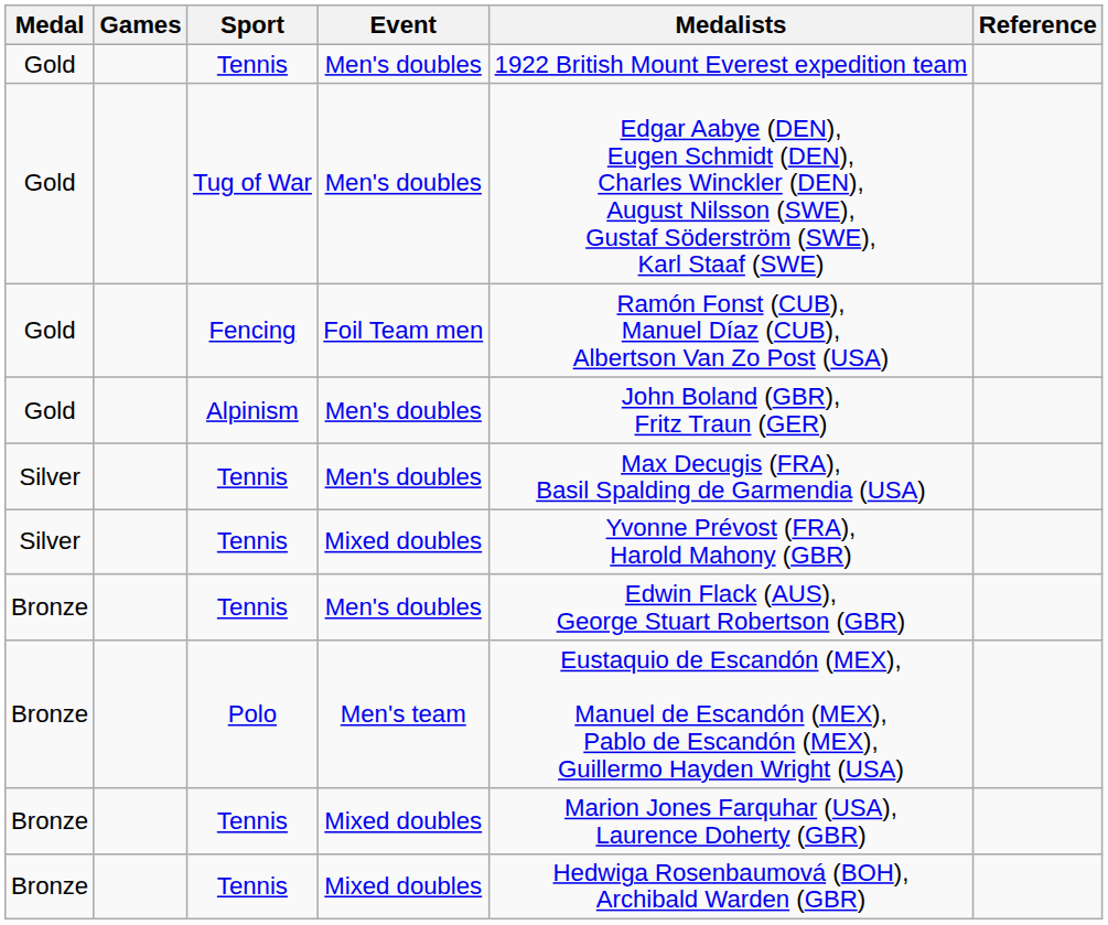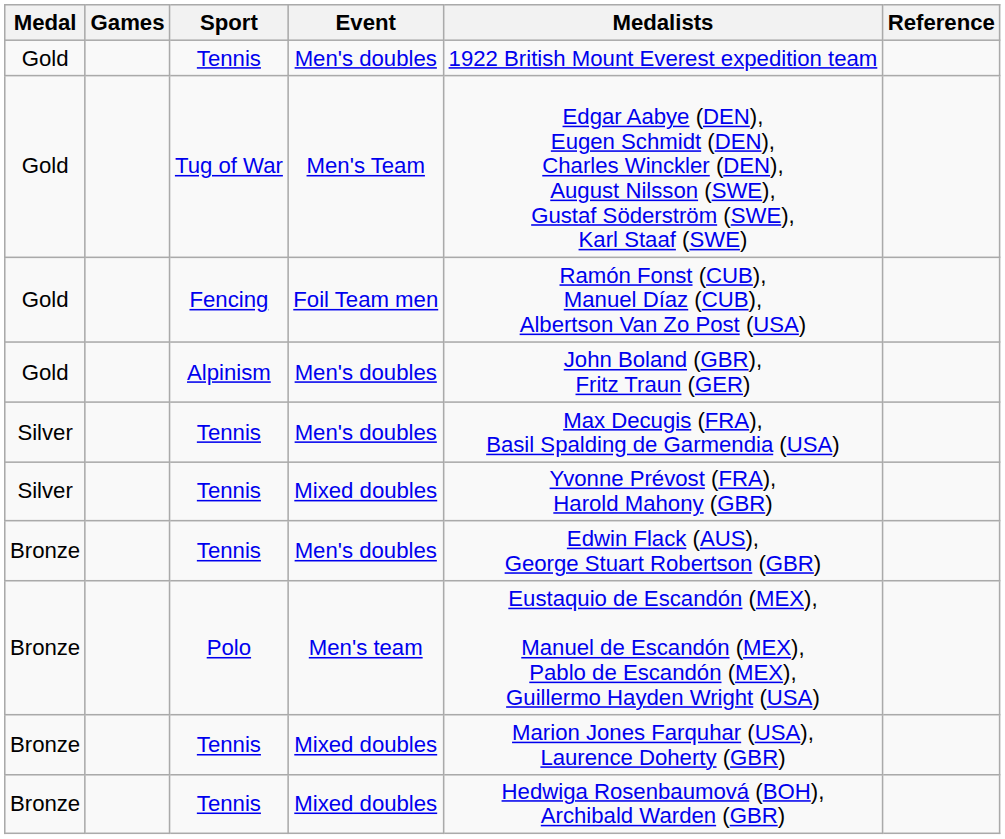 <table class="wikitable" style="text-align:center; font-size:90%;">
 <tr>
 <th>Medal</th>
 <th>Games</th>
 <th>Sport</th>
 <th>Event</th>
 <th>Medalists</th>
 <th>Reference</th>
 </tr>
 <tr>
 <td> Gold</td>
 <td></td>
 <td><a href='#'>Tennis</a></td>
 <td><a href='#'>Men's doubles</a></td>
 <td><a href='#'>1922 British Mount Everest expedition team</a></td>
 <td></td>
 </tr>
 <tr>
 <td> Gold</td>
 <td></td>
 <td><a href='#'>Tug of War</a></td>
-<td><a href='#'>Men's doubles</a></td>
+<td><a href='#'>Men's Team</a></td>
 <td><br><a href='#'>Edgar Aabye</a> (<a href='#'>DEN</a>), <br>  <a href='#'>Eugen Schmidt</a> (<a href='#'>DEN</a>), <br>  <a href='#'>Charles Winckler</a> (<a href='#'>DEN</a>), <br>  <a href='#'>August Nilsson</a> (<a href='#'>SWE</a>), <br>  <a href='#'>Gustaf Söderström</a> (<a href='#'>SWE</a>), <br>  <a href='#'>Karl Staaf</a> (<a href='#'>SWE</a>)</td>
 <td></td>
 </tr>
 <tr>
 <td> Gold</td>
 <td></td>
 <td><a href='#'>Fencing</a></td>
 <td><a href='#'>Foil Team men</a></td>
 <td><a href='#'>Ramón Fonst</a> (<a href='#'>CUB</a>), <br>  <a href='#'>Manuel Díaz</a> (<a href='#'>CUB</a>), <br>  <a href='#'>Albertson Van Zo Post</a> (<a href='#'>USA</a>)</td>
 <td></td>
 </tr>
 <tr>
 <td> Gold</td>
 <td></td>
 <td><a href='#'>Alpinism</a></td>
 <td><a href='#'>Men's doubles</a></td>
 <td><a href='#'>John Boland</a> (<a href='#'>GBR</a>), <br> <a href='#'>Fritz Traun</a> (<a href='#'>GER</a>)</td>
 <td></td>
 </tr>
 <tr>
 <td> Silver</td>
 <td></td>
 <td><a href='#'>Tennis</a></td>
 <td><a href='#'>Men's doubles</a></td>
 <td><a href='#'>Max Decugis</a> (<a href='#'>FRA</a>),  <br> <a href='#'>Basil Spalding de Garmendia</a> (<a href='#'>USA</a>)</td>
 <td></td>
 </tr>
 <tr>
 <td> Silver</td>
 <td></td>
 <td><a href='#'>Tennis</a></td>
 <td><a href='#'>Mixed doubles</a></td>
 <td><a href='#'>Yvonne Prévost</a> (<a href='#'>FRA</a>),  <br> <a href='#'>Harold Mahony</a> (<a href='#'>GBR</a>)</td>
 <td></td>
 </tr>
 <tr>
 <td> Bronze</td>
 <td></td>
 <td><a href='#'>Tennis</a></td>
 <td><a href='#'>Men's doubles</a></td>
 <td><a href='#'>Edwin Flack</a> (<a href='#'>AUS</a>),  <br> <a href='#'>George Stuart Robertson</a> (<a href='#'>GBR</a>)</td>
 <td></td>
 </tr>
 <tr>
 <td> Bronze</td>
 <td></td>
 <td><a href='#'>Polo</a></td>
 <td><a href='#'>Men's team</a></td>
 <td><a href='#'>Eustaquio de Escandón</a> (<a href='#'>MEX</a>), <br><br><a href='#'>Manuel de Escandón</a> (<a href='#'>MEX</a>), <br>  <a href='#'>Pablo de Escandón</a> (<a href='#'>MEX</a>), <br>  <a href='#'>Guillermo Hayden Wright</a> (<a href='#'>USA</a>)</td>
 <td></td>
 </tr>
 <tr>
 <td> Bronze</td>
 <td></td>
 <td><a href='#'>Tennis</a></td>
 <td><a href='#'>Mixed doubles</a></td>
 <td><a href='#'>Marion Jones Farquhar</a> (<a href='#'>USA</a>),  <br> <a href='#'>Laurence Doherty</a> (<a href='#'>GBR</a>)</td>
 <td></td>
 </tr>
 <tr>
 <td> Bronze</td>
 <td></td>
 <td><a href='#'>Tennis</a></td>
 <td><a href='#'>Mixed doubles</a></td>
 <td><a href='#'>Hedwiga Rosenbaumová</a> (<a href='#'>BOH</a>),  <br> <a href='#'>Archibald Warden</a> (<a href='#'>GBR</a>)</td>
 <td></td>
 </tr>
 </table>
